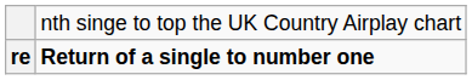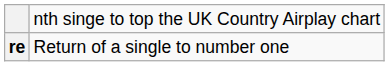 <table class="wikitable plainrowheaders" style="font-size:90%;">
 <tr>
 <th scope=col></th>
 <td>nth singe to top the UK Country Airplay chart</td>
 </tr>
 <tr>
 <th scope=row style="text-align:center;">re</th>
-<td><strong>Return of a single to number one</strong></td>
+<td>Return of a single to number one</td>
 </tr>
 </table>
